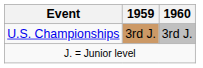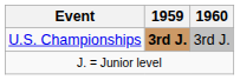 <table class="wikitable" style="text-align:center">
 <tr>
 <th>Event</th>
 <th>1959</th>
 <th>1960</th>
 </tr>
 <tr>
 <td align=left><a href='#'>U.S. Championships</a></td>
-<td bgcolor=cc9966>3rd J.</td>
+<td bgcolor=cc9966><strong>3rd J.</strong></td>
 <td bgcolor=silver>3rd J.</td>
 </tr>
 <tr>
 <td colspan=3 align=center><small> J. = Junior level </small></td>
 </tr>
 </table>
